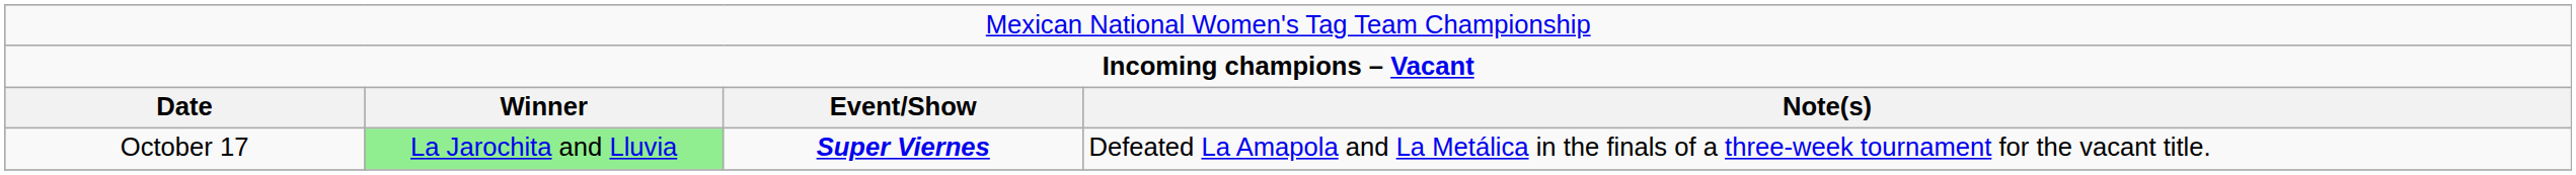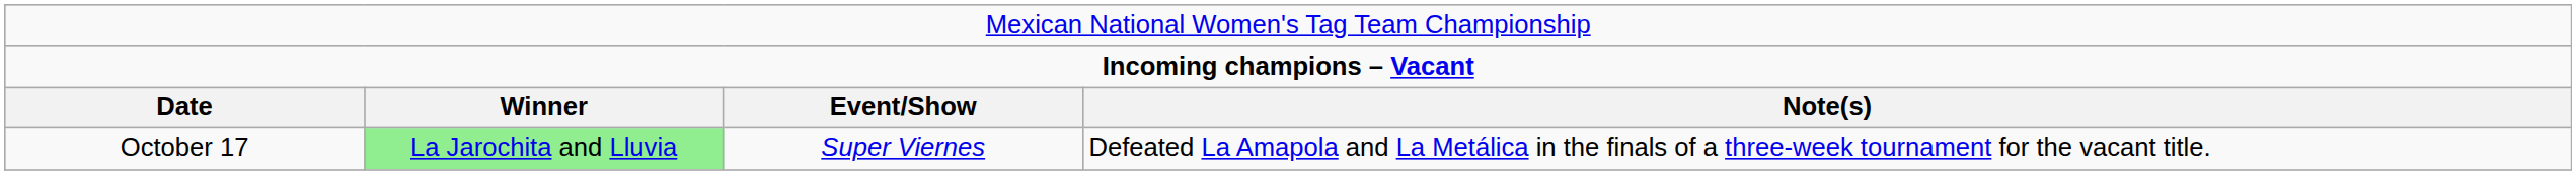 <table class="wikitable" style="text-align:center; width:100%;">
 <tr>
 <td colspan="4" style="text-align: center;"><a href='#'>Mexican National Women's Tag Team Championship</a></td>
 </tr>
 <tr>
 <td colspan="4" style="text-align: center;"><strong>Incoming champions – <a href='#'>Vacant</a></strong></td>
 </tr>
 <tr>
 <th width=14%>Date</th>
 <th width=14%>Winner</th>
 <th width=14%>Event/Show</th>
 <th width=58%>Note(s)</th>
 </tr>
 <tr>
 <td>October 17</td>
 <td style="background: lightgreen;"><a href='#'>La Jarochita</a> and <a href='#'>Lluvia</a></td>
-<td><strong><em><a href='#'>Super Viernes</a></em></strong></td>
+<td><em><a href='#'>Super Viernes</a></em></td>
 <td style="text-align: left;">Defeated <a href='#'>La Amapola</a> and <a href='#'>La Metálica</a> in the finals of a <a href='#'>three-week tournament</a> for the vacant title.</td>
 </tr>
 </table>
